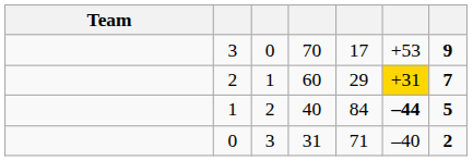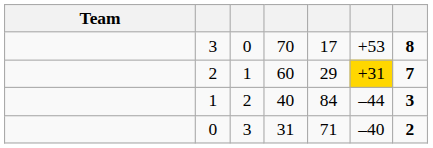 <table class="wikitable" style="text-align:center;">
 <tr>
 <th style="width:10.5em;">Team</th>
 <th style="width:1.5em;"></th>
 <th style="width:1.5em;"></th>
 <th style="width:2.0em;"></th>
 <th style="width:2.0em;"></th>
 <th style="width:2.0em;"></th>
 <th style="width:1.5em;"></th>
 </tr>
 <tr>
 <td align="left"></td>
 <td>3</td>
 <td>0</td>
 <td>70</td>
 <td>17</td>
 <td>+53</td>
-<td><strong>9</strong></td>
+<td><strong>8</strong></td>
 </tr>
 <tr>
 <td align="left"></td>
 <td>2</td>
 <td>1</td>
 <td>60</td>
 <td>29</td>
 <td style="background: gold;">+31</td>
 <td><strong>7</strong></td>
 </tr>
 <tr>
 <td align="left"></td>
 <td>1</td>
 <td>2</td>
 <td>40</td>
 <td>84</td>
-<td><strong>–44</strong></td>
-<td><strong>5</strong></td>
+<td>–44</td>
+<td><strong>3</strong></td>
 </tr>
 <tr>
 <td align="left"></td>
 <td>0</td>
 <td>3</td>
 <td>31</td>
 <td>71</td>
 <td>–40</td>
 <td><strong>2</strong></td>
 </tr>
 </table>
